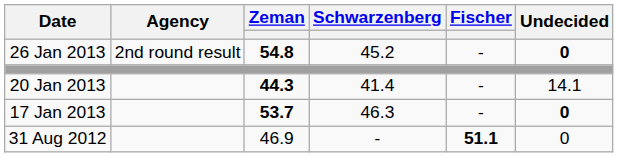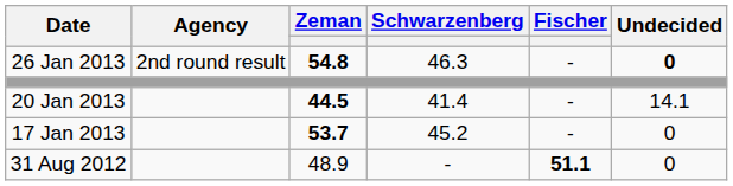 <table class="wikitable" style=text-align:center;font-size:85%;line-height:14px;">
 <tr>
 <th rowspan=2>Date</th>
 <th rowspan=2>Agency</th>
 <th><a href='#'>Zeman</a></th>
 <th><a href='#'>Schwarzenberg</a></th>
 <th><a href='#'>Fischer</a></th>
 <th rowspan=2>Undecided</th>
 </tr>
 <tr>
 <th style="background:"></th>
 <th style="background:"></th>
 <th style="background:"></th>
 </tr>
 <tr>
 <td>26 Jan 2013</td>
 <td>2nd round result</td>
 <td><strong>54.8</strong></td>
-<td>45.2</td>
+<td>46.3</td>
 <td>-</td>
 <td><strong>0</strong></td>
 </tr>
 <tr>
 <td colspan="6" style="background:#A0A0A0"></td>
 </tr>
 <tr>
 <td>20 Jan 2013</td>
 <td></td>
-<td><strong>44.3</strong></td>
+<td><strong>44.5</strong></td>
 <td>41.4</td>
 <td>-</td>
 <td>14.1</td>
 </tr>
 <tr>
 <td>17 Jan 2013</td>
 <td></td>
 <td><strong>53.7</strong></td>
-<td>46.3</td>
+<td>45.2</td>
 <td>-</td>
-<td><strong>0</strong></td>
+<td>0</td>
 </tr>
 <tr>
 <td>31 Aug 2012</td>
 <td></td>
-<td>46.9</td>
+<td>48.9</td>
 <td>-</td>
 <td><strong>51.1</strong></td>
 <td>0</td>
 </tr>
 </table>
